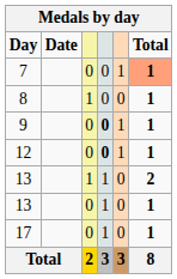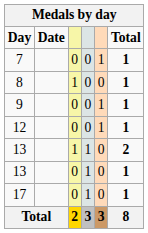 <table class=wikitable style="font-size:85%; float:right;text-align:center">
 <tr>
 <th colspan=7>Medals by day</th>
 </tr>
 <tr>
 <td><strong>Day</strong></td>
 <td><strong>Date</strong></td>
 <td bgcolor=F7F6A8></td>
 <td bgcolor=DCE5E5></td>
 <td bgcolor=FFDAB9></td>
 <td><strong>Total</strong></td>
 </tr>
 <tr>
 <td>7</td>
 <td></td>
 <td bgcolor=F7F6A8>0</td>
 <td bgcolor=DCE5E5>0</td>
 <td bgcolor=FFDAB9>1</td>
-<td style="background: lightsalmon;"><strong>1</strong></td>
+<td><strong>1</strong></td>
 </tr>
 <tr>
 <td>8</td>
 <td></td>
 <td bgcolor=F7F6A8>1</td>
 <td bgcolor=DCE5E5>0</td>
 <td bgcolor=FFDAB9>0</td>
 <td><strong>1</strong></td>
 </tr>
 <tr>
 <td>9</td>
 <td></td>
 <td bgcolor=F7F6A8>0</td>
-<td bgcolor=DCE5E5><strong>0</strong></td>
+<td bgcolor=DCE5E5>0</td>
 <td bgcolor=FFDAB9>1</td>
 <td><strong>1</strong></td>
 </tr>
 <tr>
 <td>12</td>
 <td></td>
 <td bgcolor=F7F6A8>0</td>
-<td bgcolor=DCE5E5><strong>0</strong></td>
+<td bgcolor=DCE5E5>0</td>
 <td bgcolor=FFDAB9>1</td>
 <td><strong>1</strong></td>
 </tr>
 <tr>
 <td>13</td>
 <td></td>
 <td bgcolor=F7F6A8>1</td>
 <td bgcolor=DCE5E5>1</td>
 <td bgcolor=FFDAB9>0</td>
 <td><strong>2</strong></td>
 </tr>
 <tr>
 <td>13</td>
 <td></td>
 <td bgcolor=F7F6A8>0</td>
 <td bgcolor=DCE5E5>1</td>
 <td bgcolor=FFDAB9>0</td>
 <td><strong>1</strong></td>
 </tr>
 <tr>
 <td>17</td>
 <td></td>
 <td bgcolor=F7F6A8>0</td>
 <td bgcolor=DCE5E5>1</td>
 <td bgcolor=FFDAB9>0</td>
 <td><strong>1</strong></td>
 </tr>
 <tr>
 <th colspan=2>Total</th>
 <th style=background:gold>2</th>
 <th style=background:silver>3</th>
 <th style=background:#C96>3</th>
 <th>8</th>
 </tr>
 </table>
